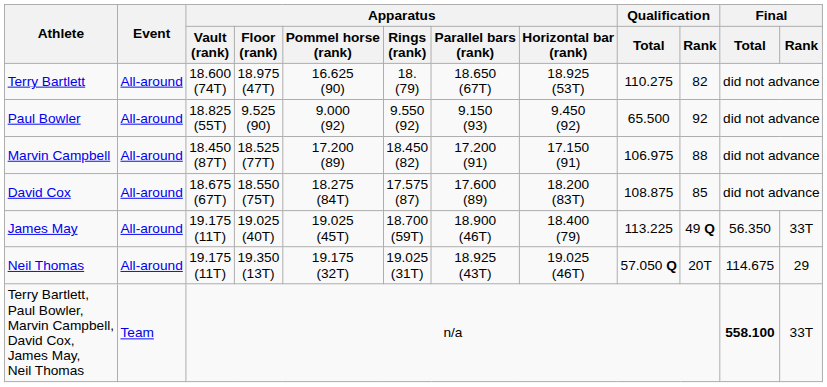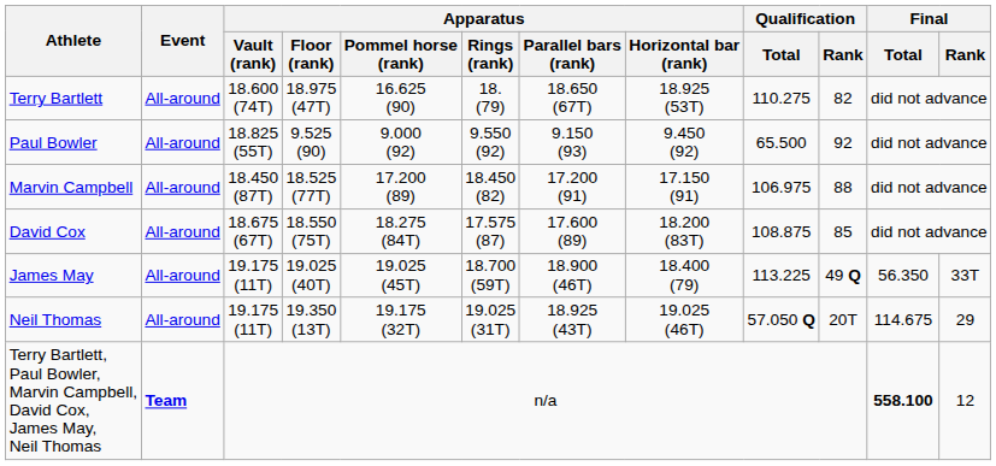 <table class="wikitable" style="font-size:90%">
 <tr>
 <th rowspan="2">Athlete</th>
 <th rowspan="2">Event</th>
 <th colspan = "6">Apparatus</th>
 <th colspan = "2">Qualification</th>
 <th colspan = "2">Final</th>
 </tr>
 <tr>
 <th>Vault<br>(rank)</th>
 <th>Floor<br>(rank)</th>
 <th>Pommel horse<br>(rank)</th>
 <th>Rings<br>(rank)</th>
 <th>Parallel bars<br>(rank)</th>
 <th>Horizontal bar<br>(rank)</th>
 <th>Total</th>
 <th>Rank</th>
 <th>Total</th>
 <th>Rank</th>
 </tr>
 <tr>
 <td><a href='#'>Terry Bartlett</a></td>
 <td><a href='#'>All-around</a></td>
 <td align=center>18.600<br>(74T)</td>
 <td align=center>18.975<br>(47T)</td>
 <td align=center>16.625<br>(90)</td>
 <td align=center>18.<br>(79)</td>
 <td align=center>18.650<br>(67T)</td>
 <td align=center>18.925<br>(53T)</td>
 <td align=center>110.275</td>
 <td align=center>82</td>
 <td style="text-align:center;" colspan="2">did not advance</td>
 </tr>
 <tr>
 <td><a href='#'>Paul Bowler</a></td>
 <td><a href='#'>All-around</a></td>
 <td align=center>18.825<br>(55T)</td>
 <td align=center>9.525<br>(90)</td>
 <td align=center>9.000<br>(92)</td>
 <td align=center>9.550<br>(92)</td>
 <td align=center>9.150<br>(93)</td>
 <td align=center>9.450<br>(92)</td>
 <td align=center>65.500</td>
 <td align=center>92</td>
 <td style="text-align:center;" colspan="2">did not advance</td>
 </tr>
 <tr>
 <td><a href='#'>Marvin Campbell</a></td>
 <td><a href='#'>All-around</a></td>
 <td align=center>18.450<br>(87T)</td>
 <td align=center>18.525<br>(77T)</td>
 <td align=center>17.200<br>(89)</td>
 <td align=center>18.450<br>(82)</td>
 <td align=center>17.200<br>(91)</td>
 <td align=center>17.150<br>(91)</td>
 <td align=center>106.975</td>
 <td align=center>88</td>
 <td style="text-align:center;" colspan="2">did not advance</td>
 </tr>
 <tr>
 <td><a href='#'>David Cox</a></td>
 <td><a href='#'>All-around</a></td>
 <td align=center>18.675<br>(67T)</td>
 <td align=center>18.550<br>(75T)</td>
 <td align=center>18.275<br>(84T)</td>
 <td align=center>17.575<br>(87)</td>
 <td align=center>17.600<br>(89)</td>
 <td align=center>18.200<br>(83T)</td>
 <td align=center>108.875</td>
 <td align=center>85</td>
 <td style="text-align:center;" colspan="2">did not advance</td>
 </tr>
 <tr>
 <td><a href='#'>James May</a></td>
 <td><a href='#'>All-around</a></td>
 <td align=center>19.175<br>(11T)</td>
 <td align=center>19.025<br>(40T)</td>
 <td align=center>19.025<br>(45T)</td>
 <td align=center>18.700<br>(59T)</td>
 <td align=center>18.900<br>(46T)</td>
 <td align=center>18.400<br>(79)</td>
 <td align=center>113.225</td>
 <td align=center>49 <strong>Q</strong></td>
 <td align=center>56.350</td>
 <td align=center>33T</td>
 </tr>
 <tr>
 <td><a href='#'>Neil Thomas</a></td>
 <td><a href='#'>All-around</a></td>
 <td align=center>19.175<br>(11T)</td>
 <td align=center>19.350<br>(13T)</td>
 <td align=center>19.175<br>(32T)</td>
 <td align=center>19.025<br>(31T)</td>
 <td align=center>18.925<br>(43T)</td>
 <td align=center>19.025<br>(46T)</td>
 <td align=center>57.050 <strong>Q</strong></td>
 <td align=center>20T</td>
 <td align=center>114.675</td>
 <td align=center>29</td>
 </tr>
 <tr>
 <td>Terry Bartlett,<br>Paul Bowler,<br>Marvin Campbell,<br>David Cox,<br>James May,<br>Neil Thomas</td>
-<td><a href='#'>Team</a></td>
+<td><strong><a href='#'>Team</a></strong></td>
 <td colspan="8" style="text-align:center;">n/a</td>
 <td style="text-align:center;"><strong>558.100</strong></td>
-<td align=center>33T</td>
+<td style="text-align:center;">12</td>
 </tr>
 </table>
